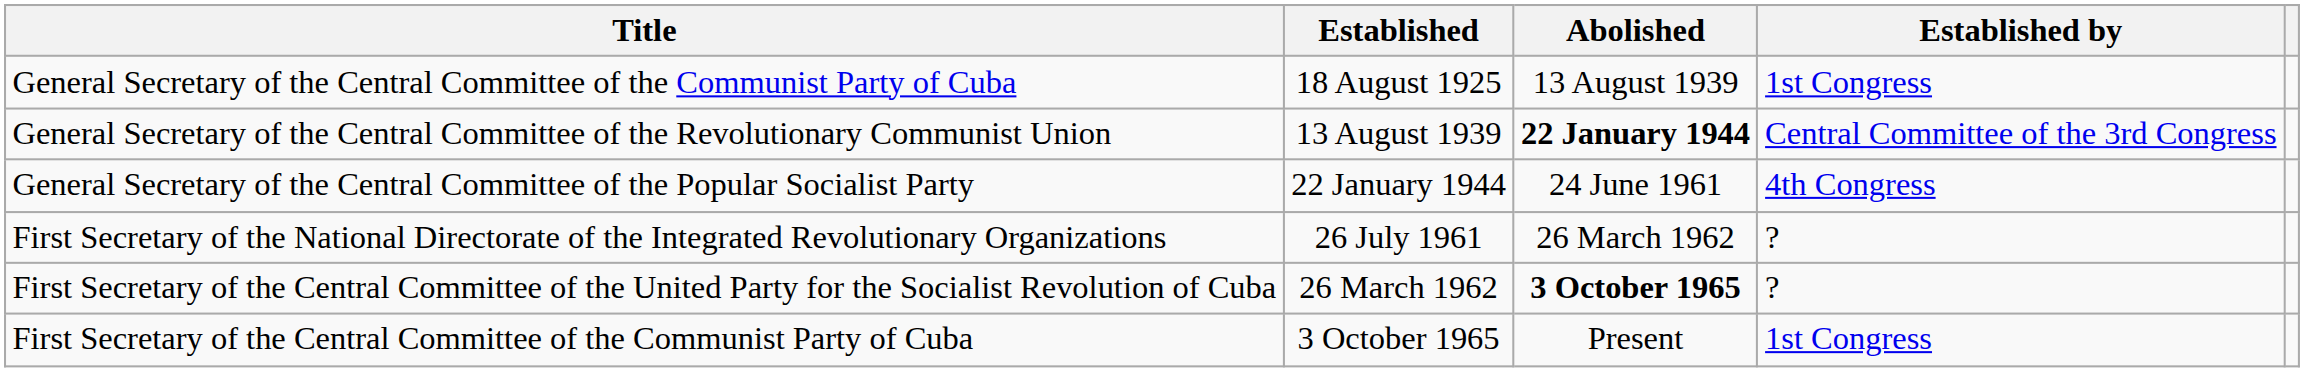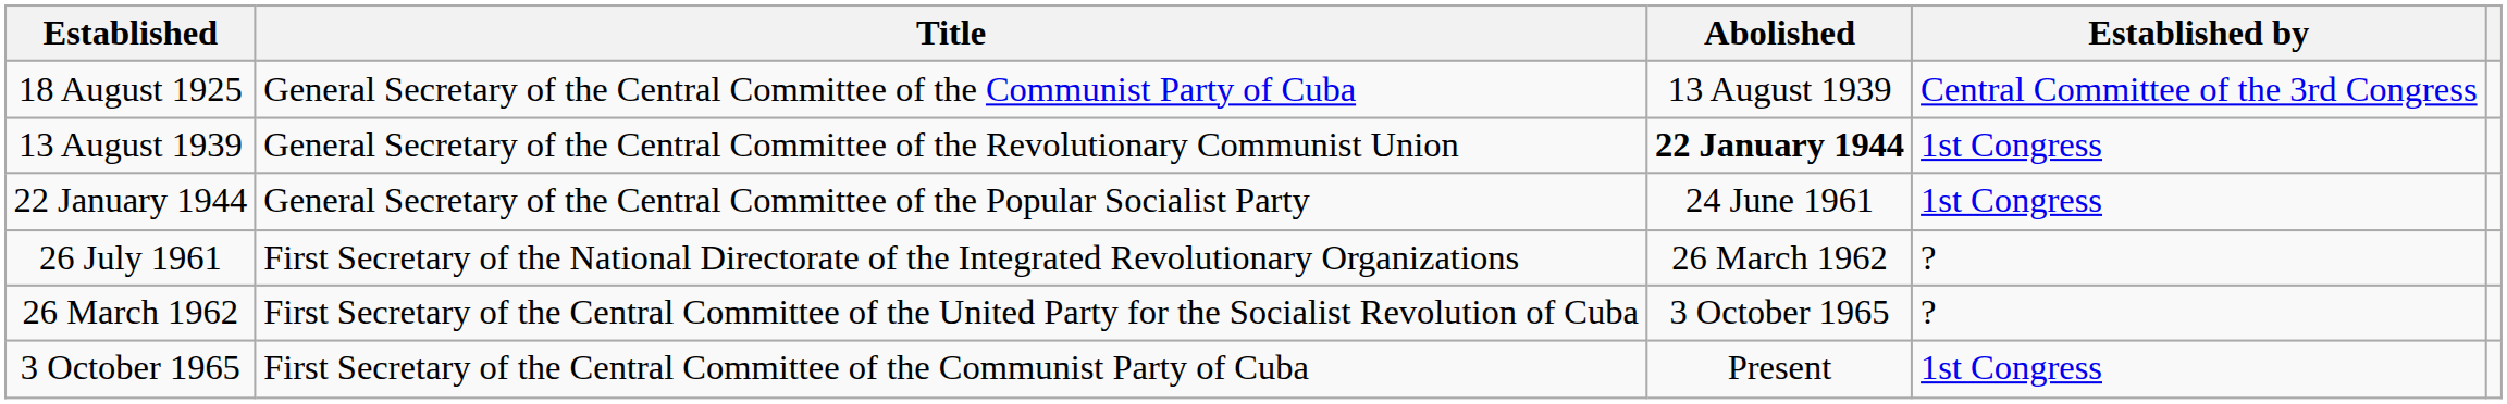 <table class="wikitable sortable">
 <tr>
+<th scope=col>Established</th>
 <th scope=col>Title</th>
-<th scope=col>Established</th>
 <th scope=col>Abolished</th>
 <th scope=col>Established by</th>
 <th scope=col class="unsortable"></th>
 </tr>
 <tr>
+<td align="center">18 August 1925</td>
 <td>General Secretary of the Central Committee of the <a href='#'>Communist Party of Cuba</a><br> </td>
-<td align="center">18 August 1925</td>
 <td align="center">13 August 1939</td>
+<td><a href='#'>Central Committee of the 3rd Congress</a></td>
+<td align="center"></td>
+</tr>
+<tr>
+<td align="center">13 August 1939</td>
+<td>General Secretary of the Central Committee of the Revolutionary Communist Union <br> </td>
+<td align="center"><strong>22 January 1944</strong></td>
 <td><a href='#'>1st Congress</a></td>
 <td align="center"></td>
 </tr>
 <tr>
-<td>General Secretary of the Central Committee of the Revolutionary Communist Union <br> </td>
-<td align="center">13 August 1939</td>
-<td align="center"><strong>22 January 1944</strong></td>
-<td><a href='#'>Central Committee of the 3rd Congress</a></td>
+<td align="center">22 January 1944</td>
+<td>General Secretary of the Central Committee of the Popular Socialist Party <br> </td>
+<td align="center">24 June 1961</td>
+<td><a href='#'>1st Congress</a></td>
 <td align="center"></td>
 </tr>
 <tr>
-<td>General Secretary of the Central Committee of the Popular Socialist Party <br> </td>
-<td align="center">22 January 1944</td>
-<td align="center">24 June 1961</td>
-<td><a href='#'>4th Congress</a></td>
-<td align="center"></td>
-</tr>
-<tr>
+<td align="center">26 July 1961</td>
 <td>First Secretary of the National Directorate of the Integrated Revolutionary Organizations <br> </td>
-<td align="center">26 July 1961</td>
 <td align="center">26 March 1962</td>
 <td>?</td>
 <td align="center"></td>
 </tr>
 <tr>
+<td align="center">26 March 1962</td>
 <td>First Secretary of the Central Committee of the United Party for the Socialist Revolution of Cuba <br> </td>
-<td align="center">26 March 1962</td>
-<td align="center"><strong>3 October 1965</strong></td>
+<td align="center">3 October 1965</td>
 <td>?</td>
 <td align="center"></td>
 </tr>
 <tr>
+<td align="center">3 October 1965</td>
 <td>First Secretary of the Central Committee of the Communist Party of Cuba <br> </td>
-<td align="center">3 October 1965</td>
 <td align="center">Present</td>
 <td><a href='#'>1st Congress</a></td>
 <td align="center"></td>
 </tr>
 </table>
